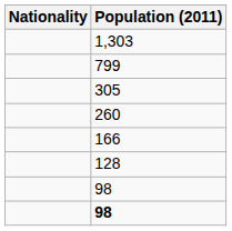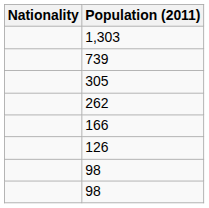 <table class="wikitable floatright">
 <tr>
 <th>Nationality</th>
 <th>Population (2011)</th>
 </tr>
 <tr>
 <td></td>
 <td>1,303</td>
 </tr>
 <tr>
 <td></td>
-<td>799</td>
+<td>739</td>
 </tr>
 <tr>
 <td></td>
 <td>305</td>
 </tr>
 <tr>
 <td></td>
-<td>260</td>
+<td>262</td>
 </tr>
 <tr>
 <td></td>
 <td>166</td>
 </tr>
 <tr>
 <td></td>
-<td>128</td>
+<td>126</td>
 </tr>
 <tr>
 <td></td>
 <td>98</td>
 </tr>
 <tr>
 <td></td>
-<td><strong>98</strong></td>
+<td>98</td>
 </tr>
 </table>
